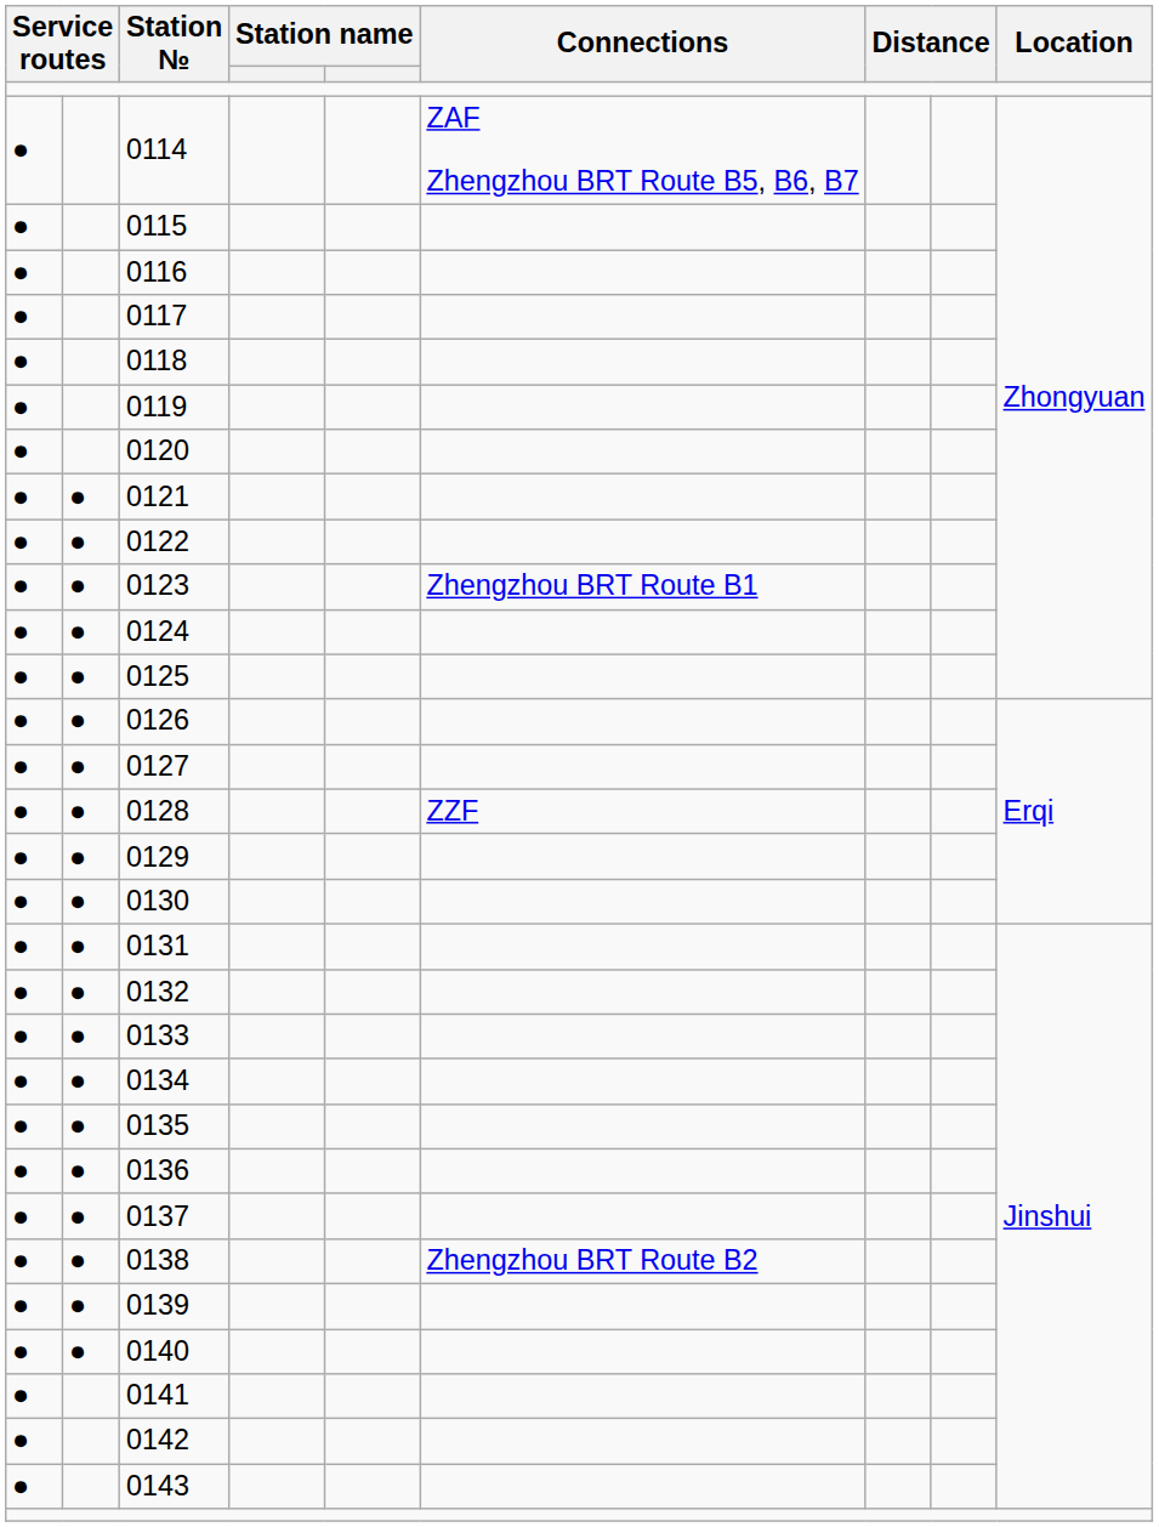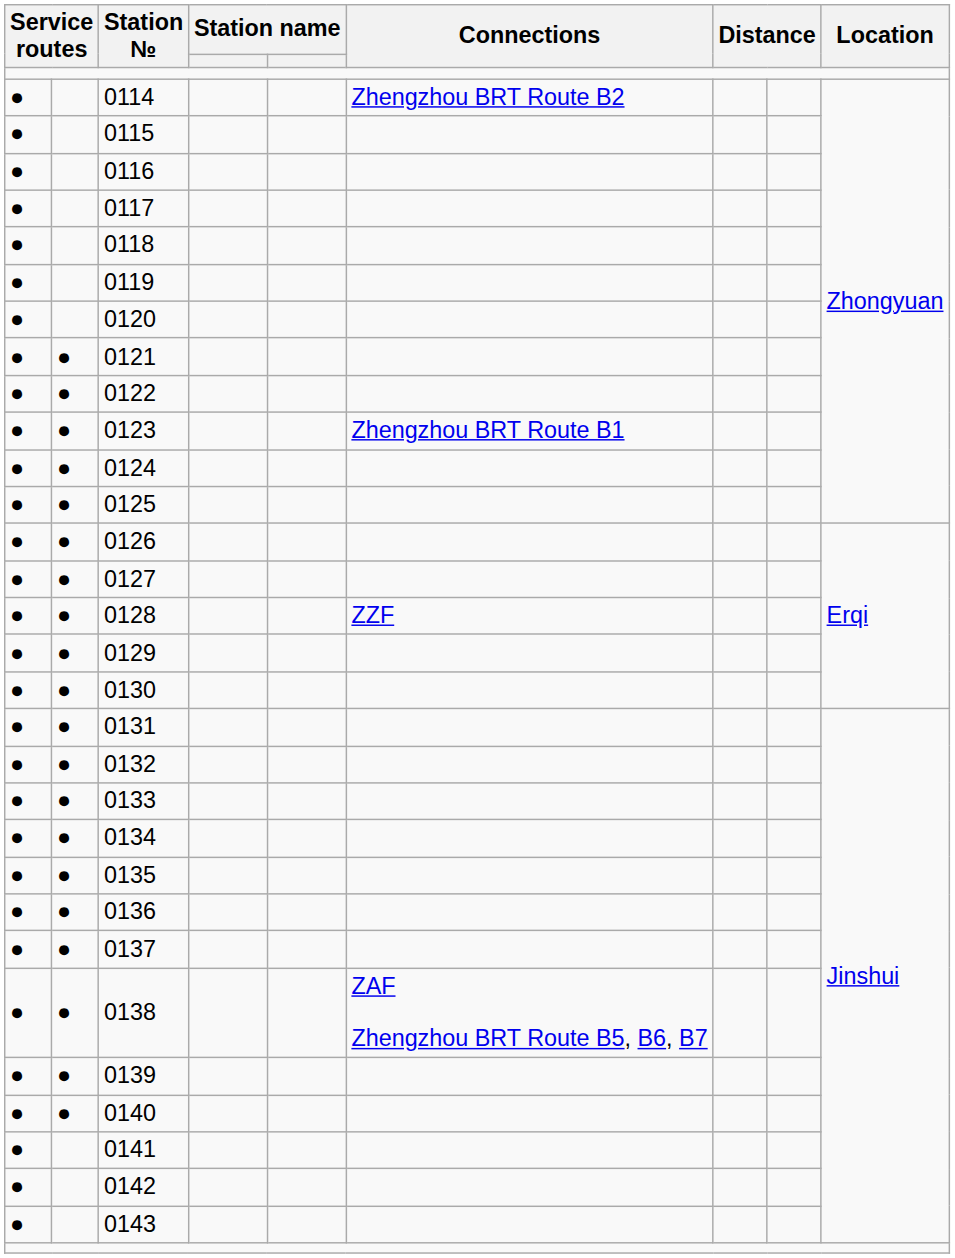 <table class="wikitable">
 <tr>
 <th colspan="2" rowspan="2">Service<br>routes</th>
 <th rowspan="2">Station<br>№</th>
 <th colspan="2">Station name</th>
 <th rowspan="2">Connections</th>
 <th colspan="2" rowspan="2">Distance<br></th>
 <th rowspan="2">Location</th>
 </tr>
 <tr>
 <th></th>
 <th></th>
 </tr>
 <tr style="background:#">
 <td colspan="9"></td>
 </tr>
 <tr>
 <td>●</td>
 <td></td>
 <td>0114</td>
 <td></td>
 <td></td>
-<td>   <a href='#'>ZAF</a><br> <br> <a href='#'>Zhengzhou BRT Route B5</a>, <a href='#'>B6</a>, <a href='#'>B7</a></td>
+<td> <a href='#'>Zhengzhou BRT Route B2</a></td>
 <td></td>
 <td></td>
 <td rowspan="12"><a href='#'>Zhongyuan</a></td>
 </tr>
 <tr>
 <td>●</td>
 <td></td>
 <td>0115</td>
 <td></td>
 <td></td>
 <td></td>
 <td></td>
 <td></td>
 </tr>
 <tr>
 <td>●</td>
 <td></td>
 <td>0116</td>
 <td></td>
 <td></td>
 <td></td>
 <td></td>
 <td></td>
 </tr>
 <tr>
 <td>●</td>
 <td></td>
 <td>0117</td>
 <td></td>
 <td></td>
 <td></td>
 <td></td>
 <td></td>
 </tr>
 <tr>
 <td>●</td>
 <td></td>
 <td>0118</td>
 <td></td>
 <td></td>
 <td></td>
 <td></td>
 <td></td>
 </tr>
 <tr>
 <td>●</td>
 <td></td>
 <td>0119</td>
 <td></td>
 <td></td>
 <td></td>
 <td></td>
 <td></td>
 </tr>
 <tr>
 <td>●</td>
 <td></td>
 <td>0120</td>
 <td></td>
 <td></td>
 <td></td>
 <td></td>
 <td></td>
 </tr>
 <tr>
 <td>●</td>
 <td>●</td>
 <td>0121</td>
 <td></td>
 <td></td>
 <td></td>
 <td></td>
 <td></td>
 </tr>
 <tr>
 <td>●</td>
 <td>●</td>
 <td>0122</td>
 <td></td>
 <td></td>
 <td></td>
 <td></td>
 <td></td>
 </tr>
 <tr>
 <td>●</td>
 <td>●</td>
 <td>0123</td>
 <td></td>
 <td></td>
 <td> <a href='#'>Zhengzhou BRT Route B1</a></td>
 <td></td>
 <td></td>
 </tr>
 <tr>
 <td>●</td>
 <td>●</td>
 <td>0124</td>
 <td></td>
 <td></td>
 <td></td>
 <td></td>
 <td></td>
 </tr>
 <tr>
 <td>●</td>
 <td>●</td>
 <td>0125</td>
 <td></td>
 <td></td>
 <td></td>
 <td></td>
 <td></td>
 </tr>
 <tr>
 <td>●</td>
 <td>●</td>
 <td>0126</td>
 <td></td>
 <td></td>
 <td></td>
 <td></td>
 <td></td>
 <td rowspan="5"><a href='#'>Erqi</a></td>
 </tr>
 <tr>
 <td>●</td>
 <td>●</td>
 <td>0127</td>
 <td></td>
 <td></td>
 <td> </td>
 <td></td>
 <td></td>
 </tr>
 <tr>
 <td>●</td>
 <td>●</td>
 <td>0128</td>
 <td></td>
 <td></td>
 <td>  <a href='#'>ZZF</a><br></td>
 <td></td>
 <td></td>
 </tr>
 <tr>
 <td>●</td>
 <td>●</td>
 <td>0129</td>
 <td></td>
 <td></td>
 <td></td>
 <td></td>
 <td></td>
 </tr>
 <tr>
 <td>●</td>
 <td>●</td>
 <td>0130</td>
 <td></td>
 <td></td>
 <td></td>
 <td></td>
 <td></td>
 </tr>
 <tr>
 <td>●</td>
 <td>●</td>
 <td>0131</td>
 <td></td>
 <td></td>
 <td></td>
 <td></td>
 <td></td>
 <td rowspan="13"><a href='#'>Jinshui</a></td>
 </tr>
 <tr>
 <td>●</td>
 <td>●</td>
 <td>0132</td>
 <td></td>
 <td></td>
 <td></td>
 <td></td>
 <td></td>
 </tr>
 <tr>
 <td>●</td>
 <td>●</td>
 <td>0133</td>
 <td></td>
 <td></td>
 <td></td>
 <td></td>
 <td></td>
 </tr>
 <tr>
 <td>●</td>
 <td>●</td>
 <td>0134</td>
 <td></td>
 <td></td>
 <td></td>
 <td></td>
 <td></td>
 </tr>
 <tr>
 <td>●</td>
 <td>●</td>
 <td>0135</td>
 <td></td>
 <td></td>
 <td></td>
 <td></td>
 <td></td>
 </tr>
 <tr>
 <td>●</td>
 <td>●</td>
 <td>0136</td>
 <td></td>
 <td></td>
 <td></td>
 <td></td>
 <td></td>
 </tr>
 <tr>
 <td>●</td>
 <td>●</td>
 <td>0137</td>
 <td></td>
 <td></td>
 <td></td>
 <td></td>
 <td></td>
 </tr>
 <tr>
 <td>●</td>
 <td>●</td>
 <td>0138</td>
 <td></td>
 <td></td>
-<td> <a href='#'>Zhengzhou BRT Route B2</a></td>
+<td>   <a href='#'>ZAF</a><br> <br> <a href='#'>Zhengzhou BRT Route B5</a>, <a href='#'>B6</a>, <a href='#'>B7</a></td>
 <td></td>
 <td></td>
 </tr>
 <tr>
 <td>●</td>
 <td>●</td>
 <td>0139</td>
 <td></td>
 <td></td>
 <td></td>
 <td></td>
 <td></td>
 </tr>
 <tr>
 <td>●</td>
 <td>●</td>
 <td>0140</td>
 <td></td>
 <td></td>
 <td></td>
 <td></td>
 <td></td>
 </tr>
 <tr>
 <td>●</td>
 <td></td>
 <td>0141</td>
 <td></td>
 <td></td>
 <td></td>
 <td></td>
 <td></td>
 </tr>
 <tr>
 <td>●</td>
 <td></td>
 <td>0142</td>
 <td></td>
 <td></td>
 <td></td>
 <td></td>
 <td></td>
 </tr>
 <tr>
 <td>●</td>
 <td></td>
 <td>0143</td>
 <td></td>
 <td></td>
 <td></td>
 <td></td>
 <td></td>
 </tr>
 <tr style="background:#">
 <td colspan="9"></td>
 </tr>
 </table>
